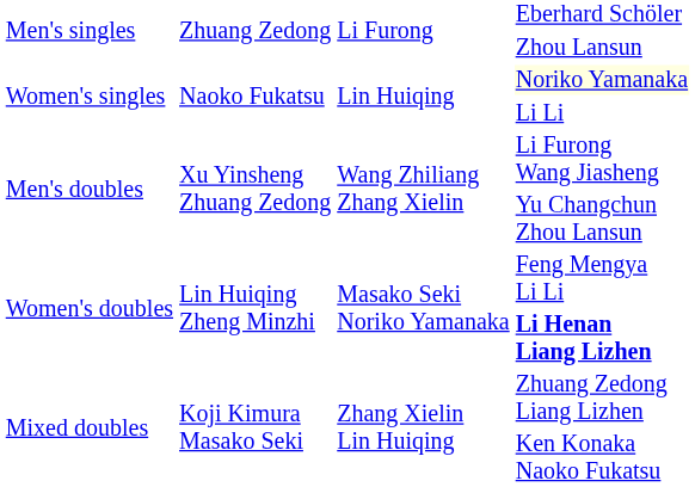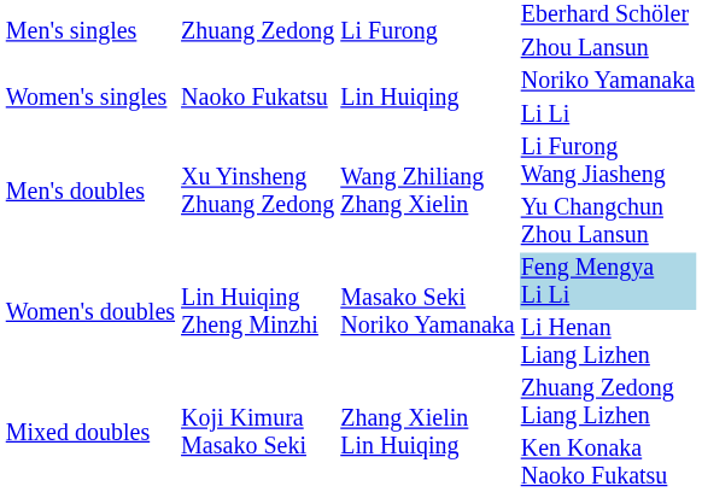 <table>
 <tr>
 <td rowspan=2><a href='#'>Men's singles</a></td>
 <td rowspan=2> <a href='#'>Zhuang Zedong</a></td>
 <td rowspan=2> <a href='#'>Li Furong</a></td>
 <td> <a href='#'>Eberhard Schöler</a></td>
 </tr>
 <tr>
 <td> <a href='#'>Zhou Lansun</a></td>
 </tr>
 <tr>
 <td rowspan=2><a href='#'>Women's singles</a></td>
 <td rowspan=2> <a href='#'>Naoko Fukatsu</a></td>
 <td rowspan=2> <a href='#'>Lin Huiqing</a></td>
-<td style="background: lightyellow;"> <a href='#'>Noriko Yamanaka</a></td>
+<td> <a href='#'>Noriko Yamanaka</a></td>
 </tr>
 <tr>
 <td> <a href='#'>Li Li</a></td>
 </tr>
 <tr>
 <td rowspan=2><a href='#'>Men's doubles</a></td>
 <td rowspan=2> <a href='#'>Xu Yinsheng</a><br> <a href='#'>Zhuang Zedong</a></td>
 <td rowspan=2> <a href='#'>Wang Zhiliang</a><br> <a href='#'>Zhang Xielin</a></td>
 <td> <a href='#'>Li Furong</a><br> <a href='#'>Wang Jiasheng</a></td>
 </tr>
 <tr>
 <td> <a href='#'>Yu Changchun</a><br> <a href='#'>Zhou Lansun</a></td>
 </tr>
 <tr>
 <td rowspan=2><a href='#'>Women's doubles</a></td>
 <td rowspan=2> <a href='#'>Lin Huiqing</a><br> <a href='#'>Zheng Minzhi</a></td>
 <td rowspan=2> <a href='#'>Masako Seki</a><br> <a href='#'>Noriko Yamanaka</a></td>
-<td> <a href='#'>Feng Mengya</a><br> <a href='#'>Li Li</a></td>
+<td style="background: lightblue;"> <a href='#'>Feng Mengya</a><br> <a href='#'>Li Li</a></td>
 </tr>
 <tr>
-<td><strong> <a href='#'>Li Henan</a><br> <a href='#'>Liang Lizhen</a></strong></td>
+<td> <a href='#'>Li Henan</a><br> <a href='#'>Liang Lizhen</a></td>
 </tr>
 <tr>
 <td rowspan=2><a href='#'>Mixed doubles</a></td>
 <td rowspan=2> <a href='#'>Koji Kimura</a><br> <a href='#'>Masako Seki</a></td>
 <td rowspan=2> <a href='#'>Zhang Xielin</a><br> <a href='#'>Lin Huiqing</a></td>
 <td> <a href='#'>Zhuang Zedong</a><br> <a href='#'>Liang Lizhen</a></td>
 </tr>
 <tr>
 <td> <a href='#'>Ken Konaka</a><br> <a href='#'>Naoko Fukatsu</a></td>
 </tr>
 </table>
